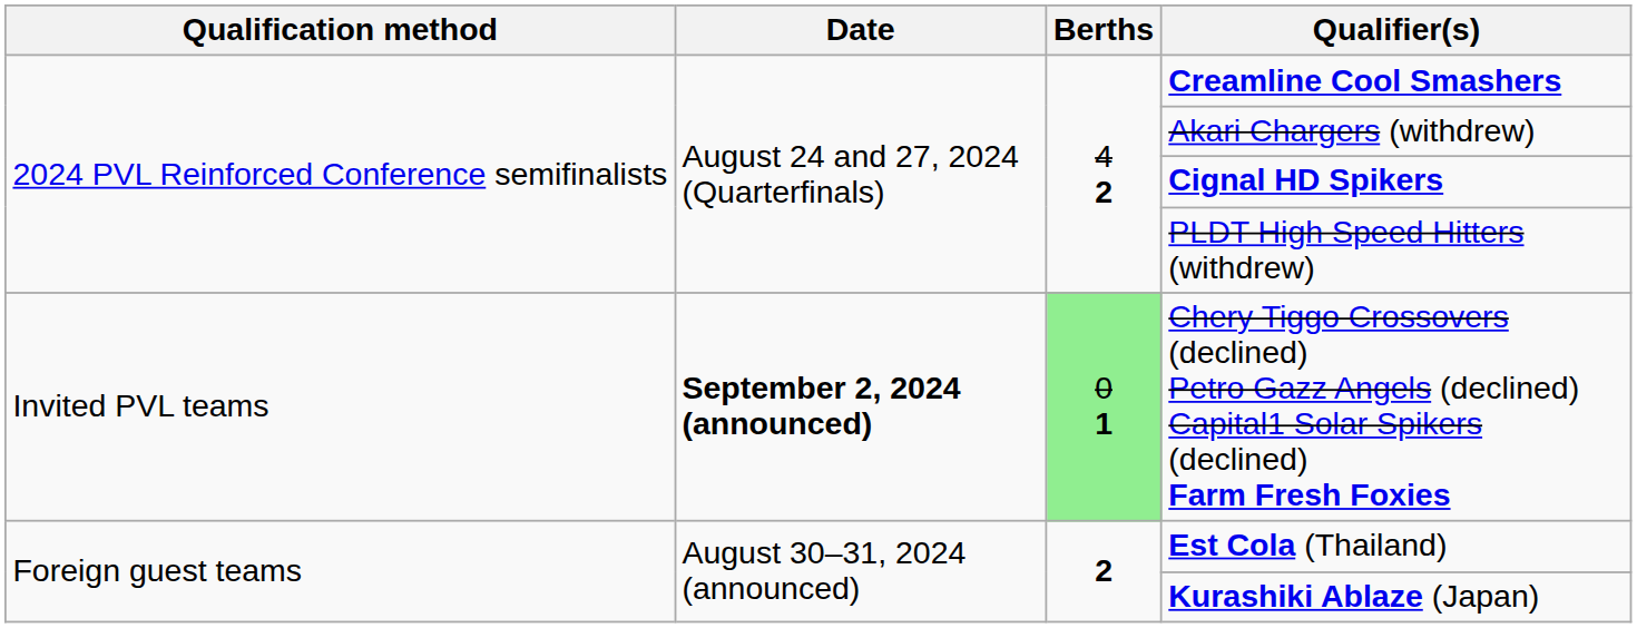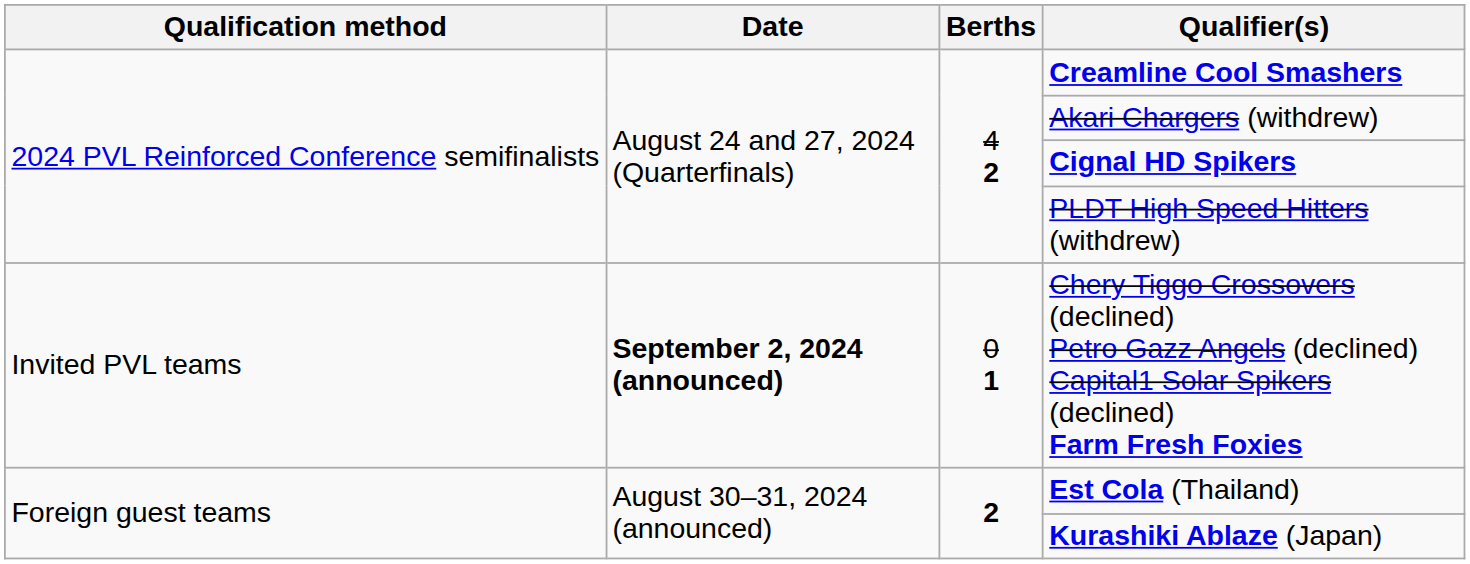 <table class="wikitable">
 <tr>
 <th colspan="2" width=130>Qualification method</th>
 <th width=180>Date</th>
 <th>Berths</th>
 <th width=230>Qualifier(s)</th>
 </tr>
 <tr>
 <td rowspan=4 colspan="2"><a href='#'>2024 PVL Reinforced Conference</a> semifinalists</td>
 <td rowspan=4>August 24 and 27, 2024 (Quarterfinals)</td>
 <td style="text-align:center;" rowspan=4><s>4</s><br><strong>2</strong></td>
 <td><strong><a href='#'>Creamline Cool Smashers</a></strong></td>
 </tr>
 <tr>
 <td><s><a href='#'>Akari Chargers</a></s> (withdrew)</td>
 </tr>
 <tr>
 <td><strong><a href='#'>Cignal HD Spikers</a></strong></td>
 </tr>
 <tr>
 <td><s><a href='#'>PLDT High Speed Hitters</a></s> (withdrew)</td>
 </tr>
 <tr>
 <td colspan="2">Invited PVL teams</td>
 <td><strong>September 2, 2024  (announced)</strong></td>
-<td style="background: lightgreen; text-align:center;"><s>0</s><br><strong>1</strong></td>
+<td style="text-align:center;"><s>0</s><br><strong>1</strong></td>
 <td><s><a href='#'>Chery Tiggo Crossovers</a></s> (declined)<br><s><a href='#'>Petro Gazz Angels</a></s> (declined)<br><s><a href='#'>Capital1 Solar Spikers</a></s> (declined)<br><strong><a href='#'>Farm Fresh Foxies</a></strong></td>
 </tr>
 <tr>
 <td rowspan=2 colspan="2">Foreign guest teams</td>
 <td rowspan=2>August 30–31, 2024  (announced)</td>
 <td style="text-align:center;" rowspan=2><strong>2</strong></td>
 <td><strong><a href='#'>Est Cola</a></strong> (Thailand)</td>
 </tr>
 <tr>
 <td><strong><a href='#'>Kurashiki Ablaze</a></strong> (Japan)</td>
 </tr>
 </table>
